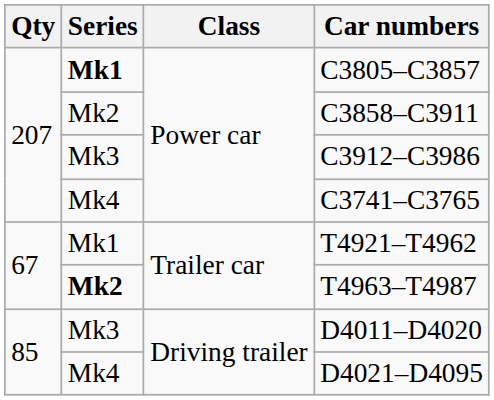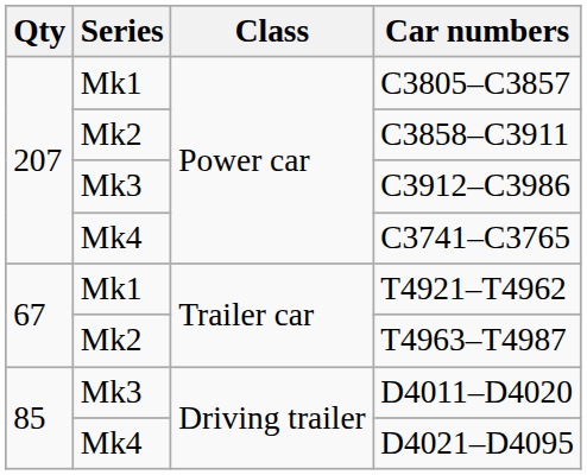 <table class="wikitable">
 <tr>
 <th>Qty</th>
 <th>Series</th>
 <th>Class</th>
 <th>Car numbers</th>
 </tr>
 <tr>
 <td rowspan="4">207</td>
-<td><strong>Mk1</strong></td>
+<td>Mk1</td>
 <td rowspan="4">Power car</td>
 <td>C3805–C3857</td>
 </tr>
 <tr>
 <td>Mk2</td>
 <td>C3858–C3911</td>
 </tr>
 <tr>
 <td>Mk3</td>
 <td>C3912–C3986</td>
 </tr>
 <tr>
 <td>Mk4</td>
 <td>C3741–C3765</td>
 </tr>
 <tr>
 <td rowspan="2">67</td>
 <td>Mk1</td>
 <td rowspan="2">Trailer car</td>
 <td>T4921–T4962</td>
 </tr>
 <tr>
-<td><strong>Mk2</strong></td>
+<td>Mk2</td>
 <td>T4963–T4987</td>
 </tr>
 <tr>
 <td rowspan="2">85</td>
 <td>Mk3</td>
 <td rowspan="2">Driving trailer</td>
 <td>D4011–D4020</td>
 </tr>
 <tr>
 <td>Mk4</td>
 <td>D4021–D4095</td>
 </tr>
 </table>
